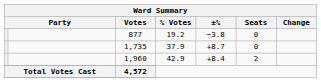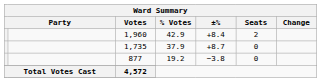 <table class="wikitable" style="font-size: 95%;">
 <tr style="background-color:#E9E9E9">
 <th colspan="7">Ward Summary</th>
 </tr>
 <tr style="background-color:#E9E9E9">
 <th colspan="2">Party</th>
 <th style="width: 60px">Votes</th>
 <th style="width: 60px">% Votes</th>
 <th style="width: 60px">±%</th>
 <th style="width: 60px">Seats</th>
 <th style="width: 60px">Change</th>
 </tr>
 <tr>
 <th style="background-color: "></th>
 <td style="width: 170px"><a href='#'></a></td>
-<td align="center">877</td>
-<td align="center">19.2</td>
-<td align="center">−3.8</td>
-<td align="center">0</td>
+<td align="center">1,960</td>
+<td align="center">42.9</td>
+<td align="center">+8.4</td>
+<td align="center">2</td>
 <td align="center"></td>
 </tr>
 <tr>
 <th style="background-color: "></th>
 <td style="width: 170px"><a href='#'></a></td>
 <td align="center">1,735</td>
 <td align="center">37.9</td>
 <td align="center">+8.7</td>
 <td align="center">0</td>
 <td align="center"></td>
 </tr>
 <tr>
 <th style="background-color: "></th>
 <td style="width: 170px"><a href='#'></a></td>
-<td align="center">1,960</td>
-<td align="center">42.9</td>
-<td align="center">+8.4</td>
-<td align="center">2</td>
+<td align="center">877</td>
+<td align="center">19.2</td>
+<td align="center">−3.8</td>
+<td align="center">0</td>
 <td align="center"></td>
 </tr>
 <tr>
 </tr>
 <tr style="background-color:#E9E9E9">
 <th colspan="2">Total Votes Cast</th>
 <th style="width: 60px">4,572</th>
 </tr>
 <tr style="background-color:#E9E9E9">
 </tr>
 </table>
